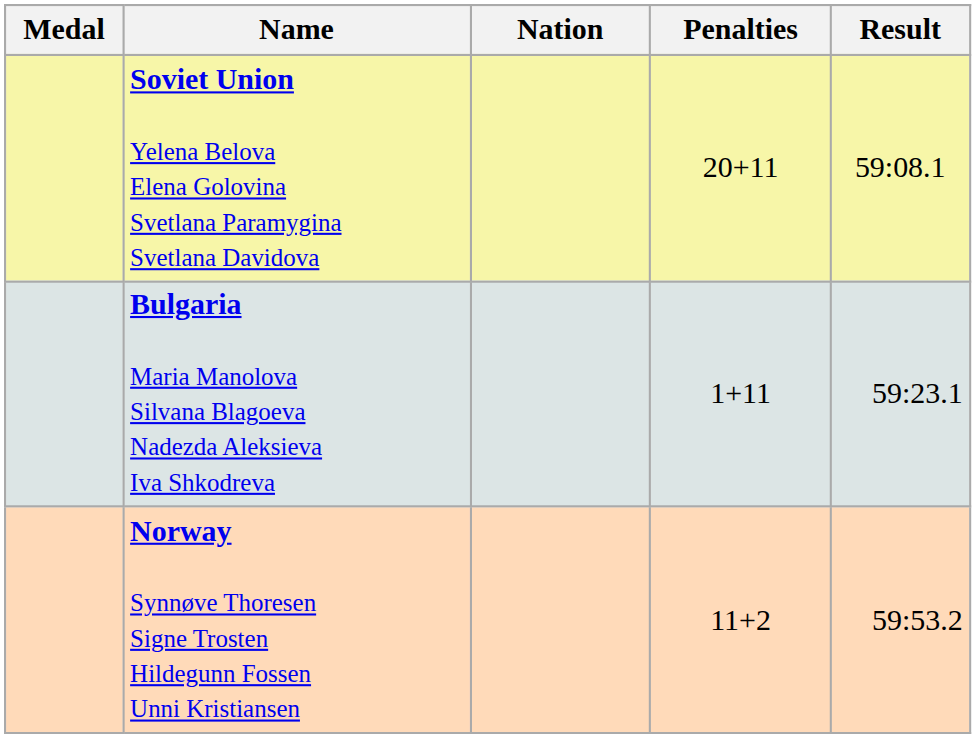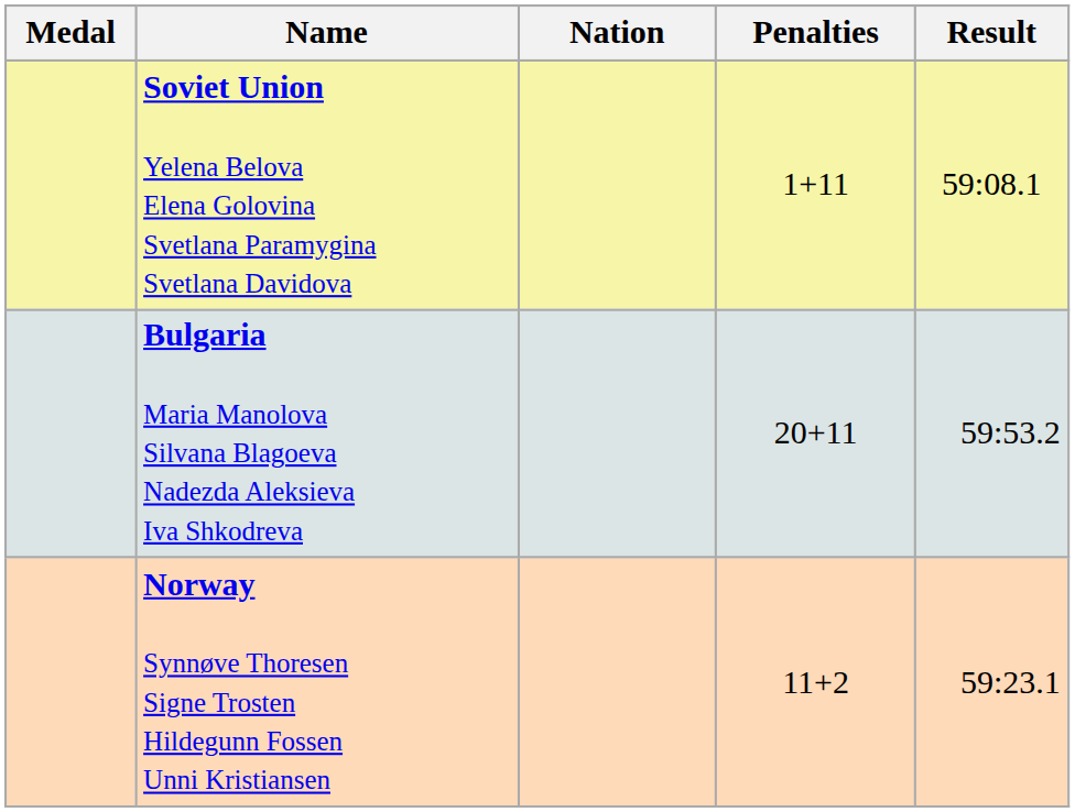 <table class=wikitable style="border:1px solid #AAAAAA;font-size:90%">
 <tr bgcolor="#E4E4E4">
 <th style="border-bottom:1px solid #AAAAAA" width=50>Medal</th>
 <th style="border-bottom:1px solid #AAAAAA" width=160>Name</th>
 <th style="border-bottom:1px solid #AAAAAA" width=80>Nation</th>
 <th style="border-bottom:1px solid #AAAAAA" width=80>Penalties</th>
 <th style="border-bottom:1px solid #AAAAAA" width=60>Result</th>
 </tr>
 <tr bgcolor="#F7F6A8">
 <td align="center"></td>
 <td><strong><a href='#'>Soviet Union</a></strong><br><br><small><a href='#'>Yelena Belova</a><br><a href='#'>Elena Golovina</a><br><a href='#'>Svetlana Paramygina</a><br><a href='#'>Svetlana Davidova</a></small></td>
 <td></td>
-<td align="center">20+11</td>
+<td align="center">1+11</td>
 <td align="center">59:08.1</td>
 </tr>
 <tr bgcolor="#DCE5E5">
 <td align="center"></td>
 <td><strong><a href='#'>Bulgaria</a></strong><br><br><small><a href='#'>Maria Manolova</a><br><a href='#'>Silvana Blagoeva</a><br><a href='#'>Nadezda Aleksieva</a><br><a href='#'>Iva Shkodreva</a></small></td>
 <td></td>
-<td align="center">1+11</td>
-<td align="right">59:23.1</td>
+<td align="center">20+11</td>
+<td align="right">59:53.2</td>
 </tr>
 <tr bgcolor="#FFDAB9">
 <td align="center"></td>
 <td><strong><a href='#'>Norway</a></strong><br><br><small><a href='#'>Synnøve Thoresen</a><br><a href='#'>Signe Trosten</a><br><a href='#'>Hildegunn Fossen</a><br><a href='#'>Unni Kristiansen</a></small></td>
 <td></td>
 <td align="center">11+2</td>
-<td align="right">59:53.2</td>
+<td align="right">59:23.1</td>
 </tr>
 </table>
